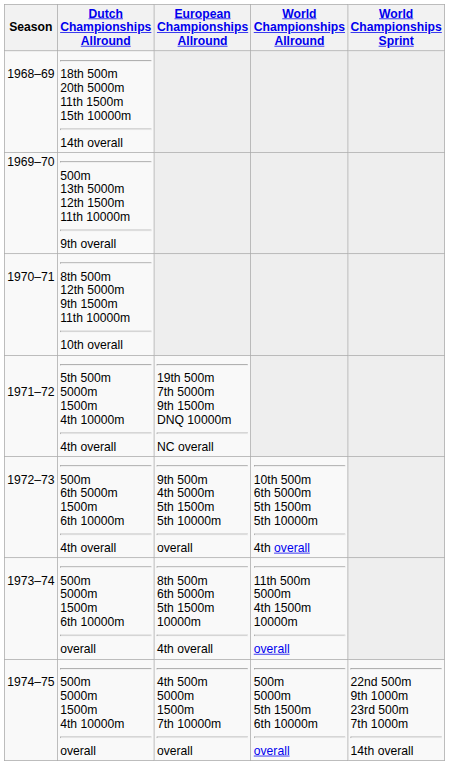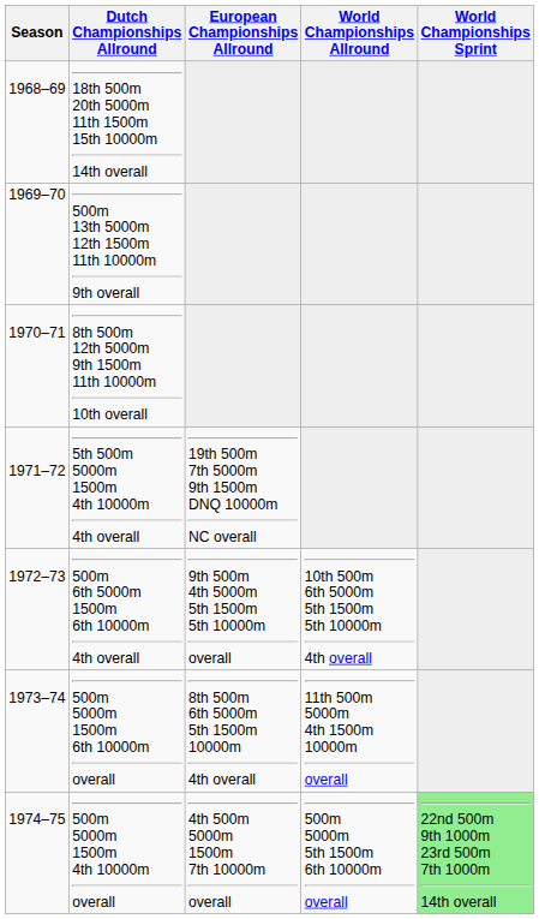 <table class="wikitable">
 <tr style="vertical-align: top;">
 <th><br> Season</th>
 <th><a href='#'>Dutch <br> Championships <br> Allround</a></th>
 <th><a href='#'>European <br> Championships <br> Allround</a></th>
 <th><a href='#'>World <br> Championships <br> Allround</a></th>
 <th><a href='#'>World <br> Championships <br> Sprint</a></th>
 </tr>
 <tr style="vertical-align: top;">
 <td><br> 1968–69</td>
 <td> <hr> 18th 500m <br> 20th 5000m <br> 11th 1500m <br> 15th 10000m <hr> 14th overall</td>
 <td bgcolor=#EEEEEE></td>
 <td bgcolor=#EEEEEE></td>
 <td bgcolor=#EEEEEE></td>
 </tr>
 <tr style="vertical-align: top;">
 <td>1969–70</td>
 <td> <hr>  500m <br> 13th 5000m <br> 12th 1500m <br> 11th 10000m <hr> 9th overall</td>
 <td bgcolor=#EEEEEE></td>
 <td bgcolor=#EEEEEE></td>
 <td bgcolor=#EEEEEE></td>
 </tr>
 <tr style="vertical-align: top;">
 <td><br> 1970–71</td>
 <td> <hr> 8th 500m <br> 12th 5000m <br> 9th 1500m <br> 11th 10000m <hr> 10th overall</td>
 <td bgcolor=#EEEEEE></td>
 <td bgcolor=#EEEEEE></td>
 <td bgcolor=#EEEEEE></td>
 </tr>
 <tr style="vertical-align: top;">
 <td><br> <br> 1971–72</td>
 <td> <hr> 5th 500m <br>  5000m <br>  1500m <br> 4th 10000m <hr> 4th overall</td>
 <td> <hr> 19th 500m <br> 7th 5000m <br> 9th 1500m <br> DNQ 10000m <hr> NC overall</td>
 <td bgcolor=#EEEEEE></td>
 <td bgcolor=#EEEEEE></td>
 </tr>
 <tr style="vertical-align: top;">
 <td><br> 1972–73</td>
 <td> <hr>  500m <br> 6th 5000m <br>  1500m <br> 6th 10000m <hr> 4th overall</td>
 <td> <hr> 9th 500m <br> 4th 5000m <br> 5th 1500m <br> 5th 10000m <hr>  overall</td>
 <td> <hr> 10th 500m <br> 6th 5000m <br> 5th 1500m <br> 5th 10000m <hr> 4th <a href='#'>overall</a></td>
 <td bgcolor=#EEEEEE></td>
 </tr>
 <tr style="vertical-align: top;">
 <td><br> 1973–74</td>
 <td> <hr>  500m <br>  5000m <br>  1500m <br> 6th 10000m <hr>  overall</td>
 <td> <hr> 8th 500m <br> 6th 5000m <br> 5th 1500m <br>  10000m <hr> 4th overall</td>
 <td> <hr> 11th 500m <br>  5000m <br> 4th 1500m <br>  10000m <hr>  <a href='#'>overall</a></td>
 <td bgcolor=#EEEEEE></td>
 </tr>
 <tr style="vertical-align: top;">
 <td><br> 1974–75</td>
 <td> <hr>  500m <br>  5000m <br>  1500m <br> 4th 10000m <hr>  overall</td>
 <td> <hr> 4th 500m <br>  5000m <br>  1500m <br> 7th 10000m <hr>  overall</td>
 <td> <hr>  500m <br>  5000m <br> 5th 1500m <br> 6th 10000m <hr>  <a href='#'>overall</a></td>
-<td> <hr> 22nd 500m <br> 9th 1000m <br> 23rd 500m <br> 7th 1000m <hr> 14th overall</td>
+<td style="background: lightgreen;"> <hr> 22nd 500m <br> 9th 1000m <br> 23rd 500m <br> 7th 1000m <hr> 14th overall</td>
 </tr>
 </table>
